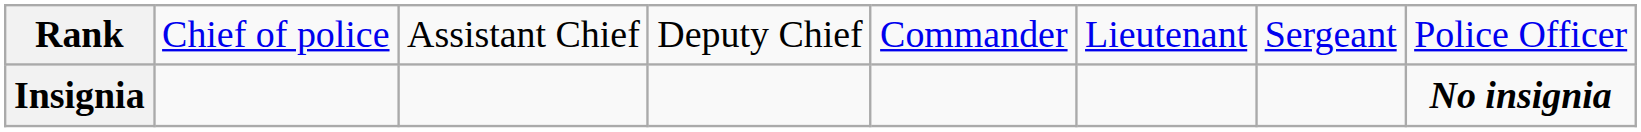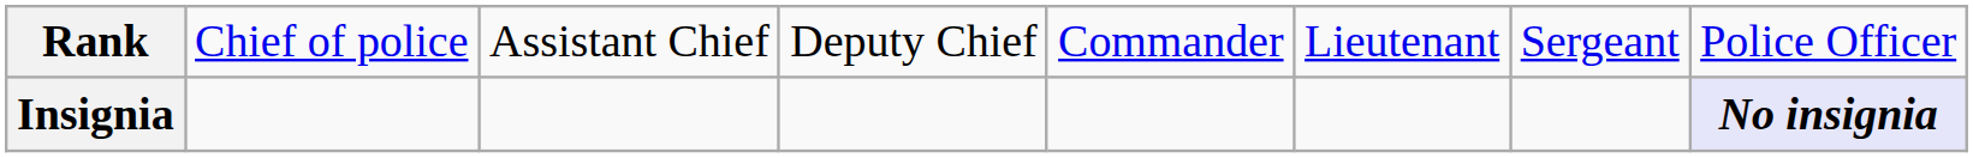 <table class="wikitable">
 <tr style="text-align:center;">
 <th>Rank</th>
 <td><a href='#'>Chief of police</a></td>
 <td>Assistant Chief</td>
 <td>Deputy Chief</td>
 <td><a href='#'>Commander</a></td>
 <td><a href='#'>Lieutenant</a></td>
 <td><a href='#'>Sergeant</a></td>
 <td><a href='#'>Police Officer</a></td>
 </tr>
 <tr style="text-align:center;">
 <th>Insignia</th>
 <td></td>
 <td></td>
 <td></td>
 <td></td>
 <td></td>
 <td></td>
-<td><strong><em>No insignia</em></strong></td>
+<td style="background: lavender;"><strong><em>No insignia</em></strong></td>
 </tr>
 </table>
